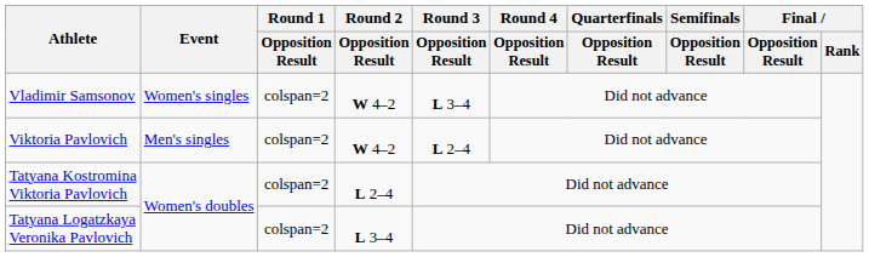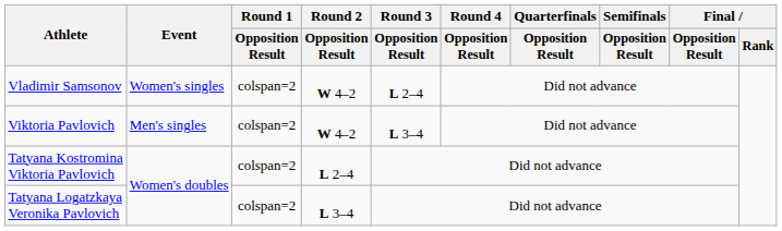 <table class="wikitable" style="font-size:90%">
 <tr>
 <th rowspan="2">Athlete</th>
 <th rowspan="2">Event</th>
 <th>Round 1</th>
 <th>Round 2</th>
 <th>Round 3</th>
 <th>Round 4</th>
 <th>Quarterfinals</th>
 <th>Semifinals</th>
 <th colspan=2>Final / </th>
 </tr>
 <tr style="font-size:95%">
 <th>Opposition<br>Result</th>
 <th>Opposition<br>Result</th>
 <th>Opposition<br>Result</th>
 <th>Opposition<br>Result</th>
 <th>Opposition<br>Result</th>
 <th>Opposition<br>Result</th>
 <th>Opposition<br>Result</th>
 <th>Rank</th>
 </tr>
 <tr align=center>
 <td align=left><a href='#'>Vladimir Samsonov</a></td>
 <td align=left><a href='#'>Women's singles</a></td>
 <td>colspan=2 </td>
 <td><br><strong>W</strong> 4–2</td>
-<td><br><strong>L</strong> 3–4</td>
+<td><br><strong>L</strong> 2–4</td>
 <td colspan=4>Did not advance</td>
 </tr>
 <tr align=center>
 <td align=left><a href='#'>Viktoria Pavlovich</a></td>
 <td align=left><a href='#'>Men's singles</a></td>
 <td>colspan=2 </td>
 <td><br><strong>W</strong> 4–2</td>
-<td><br><strong>L</strong> 2–4</td>
+<td><br><strong>L</strong> 3–4</td>
 <td colspan=4>Did not advance</td>
 </tr>
 <tr align=center>
 <td align=left><a href='#'>Tatyana Kostromina</a><br><a href='#'>Viktoria Pavlovich</a></td>
 <td align=left rowspan=2><a href='#'>Women's doubles</a></td>
 <td>colspan=2 </td>
 <td><br><strong>L</strong> 2–4</td>
 <td colspan=5>Did not advance</td>
 </tr>
 <tr align=center>
 <td align=left><a href='#'>Tatyana Logatzkaya</a><br><a href='#'>Veronika Pavlovich</a></td>
 <td>colspan=2 </td>
 <td><br><strong>L</strong> 3–4</td>
 <td colspan=5>Did not advance</td>
 </tr>
 </table>
